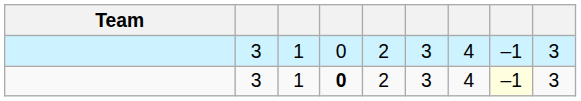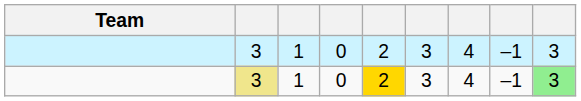 <table class="wikitable" style="text-align: center; font-size: 90%;">
 <tr>
 <th width=165>Team</th>
 <th width=25></th>
 <th width=25></th>
 <th width=25></th>
 <th width=25></th>
 <th width=25></th>
 <th width=25></th>
 <th width=25></th>
 <th width=25></th>
 </tr>
 <tr style="background:#ccf3ff;">
 <td align="left"></td>
 <td>3</td>
 <td>1</td>
 <td>0</td>
 <td>2</td>
 <td>3</td>
 <td>4</td>
 <td>–1</td>
 <td>3</td>
 </tr>
 <tr>
 <td align="left"></td>
-<td>3</td>
+<td style="background: khaki;">3</td>
 <td>1</td>
-<td><strong>0</strong></td>
-<td>2</td>
+<td>0</td>
+<td style="background: gold;">2</td>
 <td>3</td>
 <td>4</td>
-<td style="background: lightyellow;">–1</td>
-<td>3</td>
+<td>–1</td>
+<td style="background: lightgreen;">3</td>
 </tr>
 </table>
